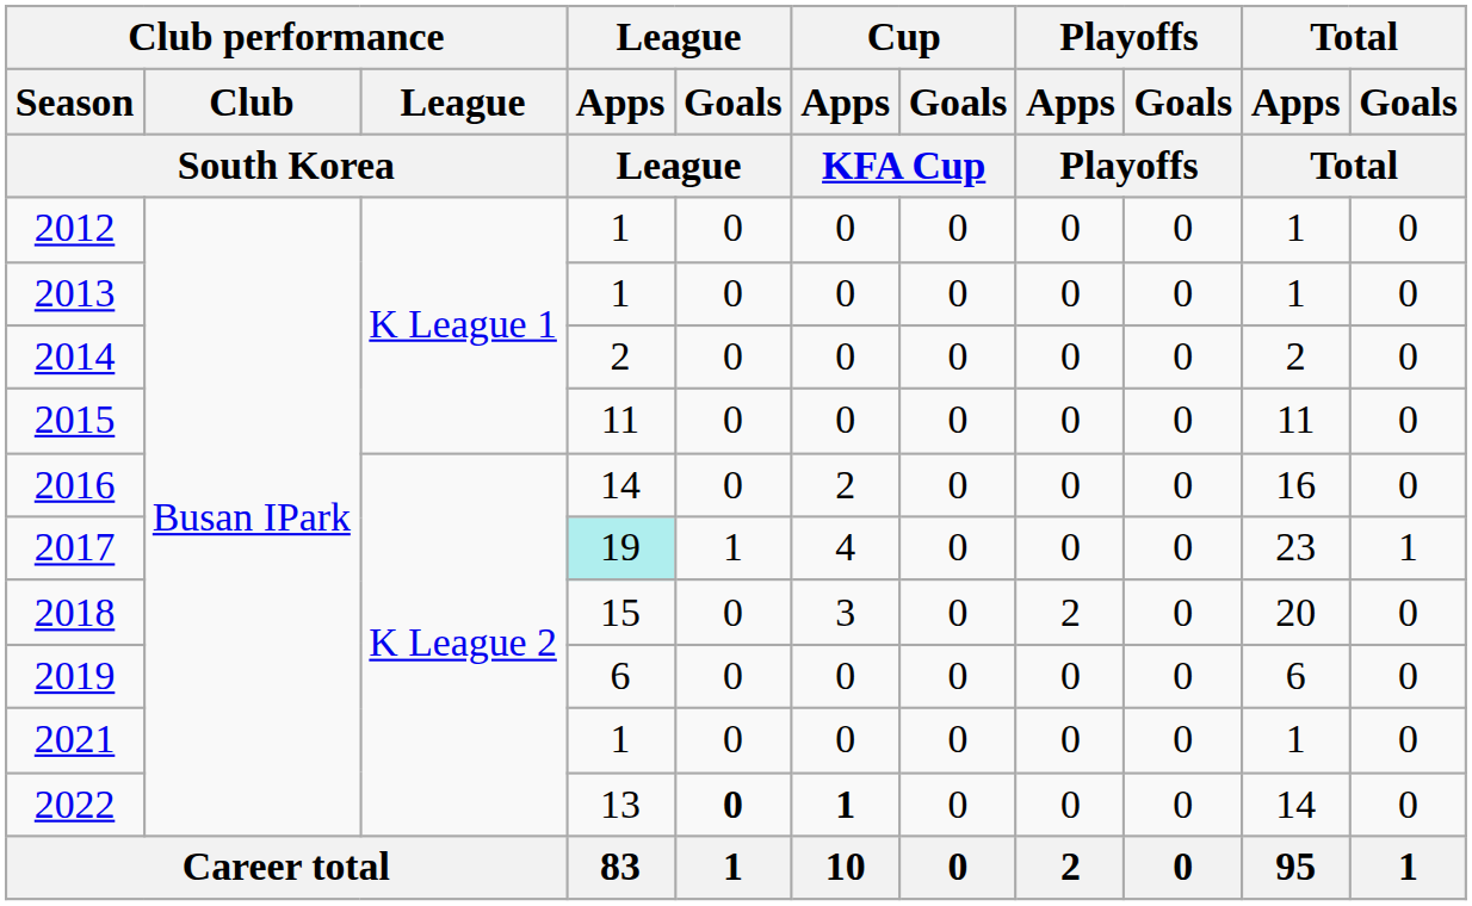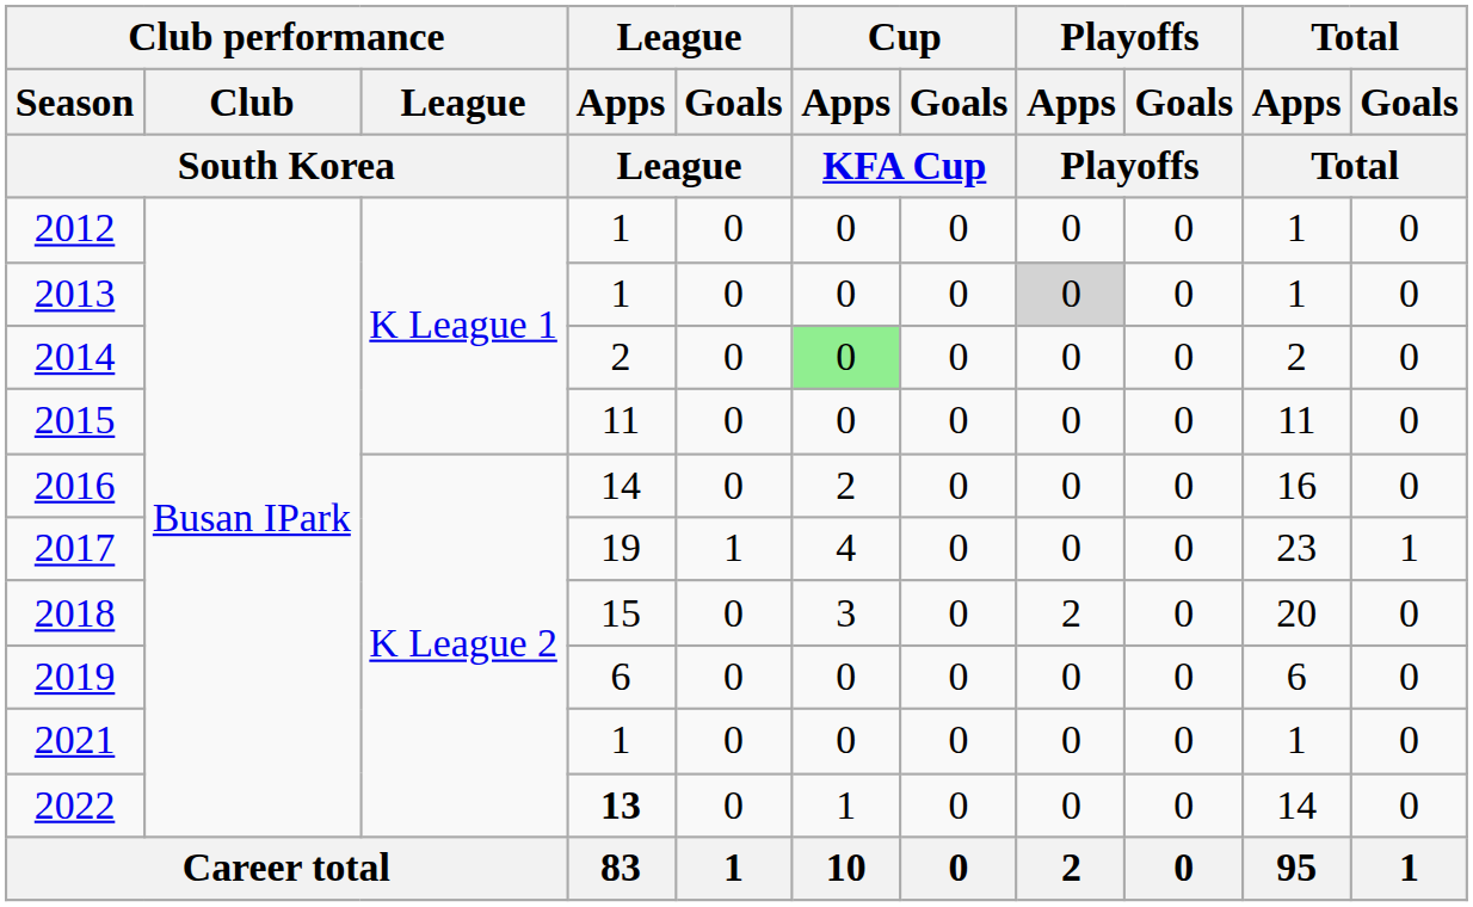 <table class="wikitable" style="text-align:center">
 <tr>
 <th colspan=3>Club performance</th>
 <th colspan=2>League</th>
 <th colspan=2>Cup</th>
 <th colspan=2>Playoffs</th>
 <th colspan=2>Total</th>
 </tr>
 <tr>
 <th>Season</th>
 <th>Club</th>
 <th>League</th>
 <th>Apps</th>
 <th>Goals</th>
 <th>Apps</th>
 <th>Goals</th>
 <th>Apps</th>
 <th>Goals</th>
 <th>Apps</th>
 <th>Goals</th>
 </tr>
 <tr>
 <th colspan=3>South Korea</th>
 <th colspan=2>League</th>
 <th colspan=2><a href='#'>KFA Cup</a></th>
 <th colspan=2>Playoffs</th>
 <th colspan=2>Total</th>
 </tr>
 <tr>
 <td><a href='#'>2012</a></td>
 <td rowspan="10"><a href='#'>Busan IPark</a></td>
 <td rowspan="4"><a href='#'>K League 1</a></td>
 <td>1</td>
 <td>0</td>
 <td>0</td>
 <td>0</td>
 <td>0</td>
 <td>0</td>
 <td>1</td>
 <td>0</td>
 </tr>
 <tr>
 <td><a href='#'>2013</a></td>
 <td>1</td>
 <td>0</td>
 <td>0</td>
 <td>0</td>
-<td>0</td>
+<td style="background: lightgrey;">0</td>
 <td>0</td>
 <td>1</td>
 <td>0</td>
 </tr>
 <tr>
 <td><a href='#'>2014</a></td>
 <td>2</td>
 <td>0</td>
-<td>0</td>
+<td style="background: lightgreen;">0</td>
 <td>0</td>
 <td>0</td>
 <td>0</td>
 <td>2</td>
 <td>0</td>
 </tr>
 <tr>
 <td><a href='#'>2015</a></td>
 <td>11</td>
 <td>0</td>
 <td>0</td>
 <td>0</td>
 <td>0</td>
 <td>0</td>
 <td>11</td>
 <td>0</td>
 </tr>
 <tr>
 <td><a href='#'>2016</a></td>
 <td rowspan="6"><a href='#'>K League 2</a></td>
 <td>14</td>
 <td>0</td>
 <td>2</td>
 <td>0</td>
 <td>0</td>
 <td>0</td>
 <td>16</td>
 <td>0</td>
 </tr>
 <tr>
 <td><a href='#'>2017</a></td>
-<td style="background: paleturquoise;">19</td>
+<td>19</td>
 <td>1</td>
 <td>4</td>
 <td>0</td>
 <td>0</td>
 <td>0</td>
 <td>23</td>
 <td>1</td>
 </tr>
 <tr>
 <td><a href='#'>2018</a></td>
 <td>15</td>
 <td>0</td>
 <td>3</td>
 <td>0</td>
 <td>2</td>
 <td>0</td>
 <td>20</td>
 <td>0</td>
 </tr>
 <tr>
 <td><a href='#'>2019</a></td>
 <td>6</td>
 <td>0</td>
 <td>0</td>
 <td>0</td>
 <td>0</td>
 <td>0</td>
 <td>6</td>
 <td>0</td>
 </tr>
 <tr>
 <td><a href='#'>2021</a></td>
 <td>1</td>
 <td>0</td>
 <td>0</td>
 <td>0</td>
 <td>0</td>
 <td>0</td>
 <td>1</td>
 <td>0</td>
 </tr>
 <tr>
 <td><a href='#'>2022</a></td>
-<td>13</td>
-<td><strong>0</strong></td>
-<td><strong>1</strong></td>
+<td><strong>13</strong></td>
+<td>0</td>
+<td>1</td>
 <td>0</td>
 <td>0</td>
 <td>0</td>
 <td>14</td>
 <td>0</td>
 </tr>
 <tr>
 <th colspan=3>Career total</th>
 <th>83</th>
 <th>1</th>
 <th>10</th>
 <th>0</th>
 <th>2</th>
 <th>0</th>
 <th>95</th>
 <th>1</th>
 </tr>
 </table>
